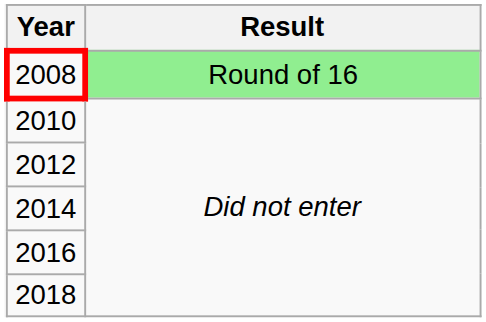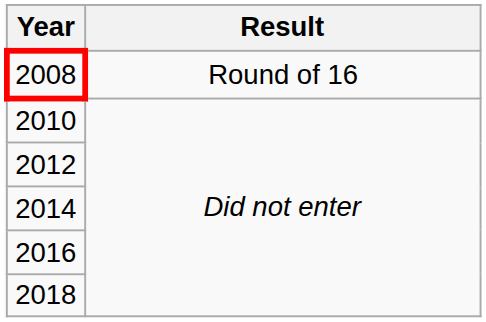 <table class="wikitable" style="text-align: center; font-size:90%">
 <tr>
 <th>Year</th>
 <th style="width:200px">Result</th>
 </tr>
 <tr>
 <td style="border: 3px solid red"> 2008</td>
-<td style="background: lightgreen;">Round of 16</td>
+<td>Round of 16</td>
 </tr>
 <tr>
 <td> 2010</td>
 <td rowspan="5"><em>Did not enter</em></td>
 </tr>
 <tr>
 <td> 2012</td>
 </tr>
 <tr>
 <td> 2014</td>
 </tr>
 <tr>
 <td> 2016</td>
 </tr>
 <tr>
 <td> 2018</td>
 </tr>
 </table>
